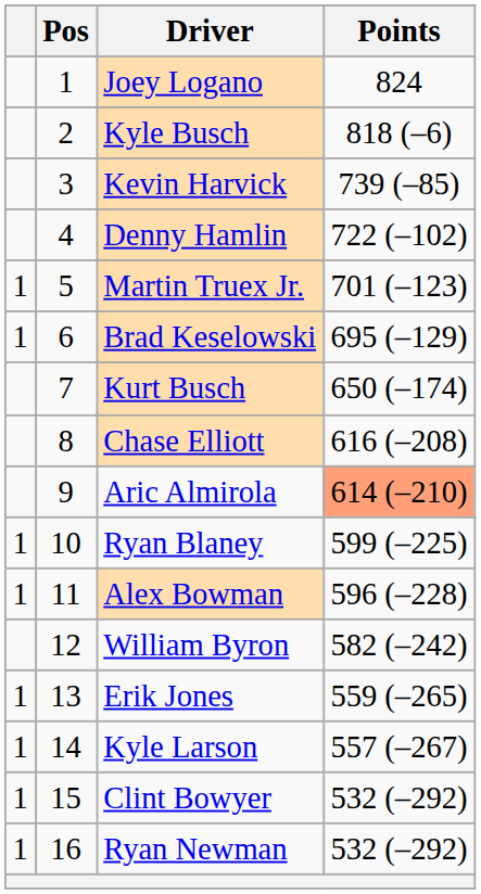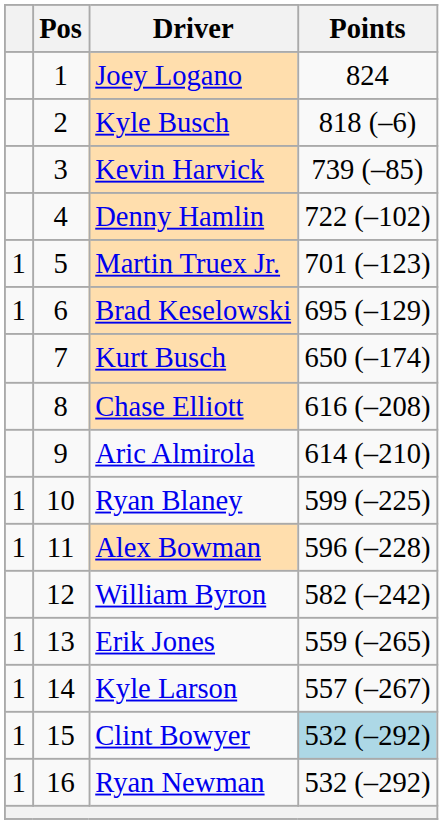 <table class="wikitable" style="font-size: 95%;">
 <tr>
 <th></th>
 <th>Pos</th>
 <th>Driver</th>
 <th>Points</th>
 </tr>
 <tr>
 <td align="left"></td>
 <td style="text-align:center;">1</td>
 <td style="background:#FFDEAD;"><a href='#'>Joey Logano</a></td>
 <td style="text-align:center;">824</td>
 </tr>
 <tr>
 <td align="left"></td>
 <td style="text-align:center;">2</td>
 <td style="background:#FFDEAD;"><a href='#'>Kyle Busch</a></td>
 <td style="text-align:center;">818 (–6)</td>
 </tr>
 <tr>
 <td align="left"></td>
 <td style="text-align:center;">3</td>
 <td style="background:#FFDEAD;"><a href='#'>Kevin Harvick</a></td>
 <td style="text-align:center;">739 (–85)</td>
 </tr>
 <tr>
 <td align="left"></td>
 <td style="text-align:center;">4</td>
 <td style="background:#FFDEAD;"><a href='#'>Denny Hamlin</a></td>
 <td style="text-align:center;">722 (–102)</td>
 </tr>
 <tr>
 <td align="left"> 1</td>
 <td style="text-align:center;">5</td>
 <td style="background:#FFDEAD;"><a href='#'>Martin Truex Jr.</a></td>
 <td style="text-align:center;">701 (–123)</td>
 </tr>
 <tr>
 <td align="left"> 1</td>
 <td style="text-align:center;">6</td>
 <td style="background:#FFDEAD;"><a href='#'>Brad Keselowski</a></td>
 <td style="text-align:center;">695 (–129)</td>
 </tr>
 <tr>
 <td align="left"></td>
 <td style="text-align:center;">7</td>
 <td style="background:#FFDEAD;"><a href='#'>Kurt Busch</a></td>
 <td style="text-align:center;">650 (–174)</td>
 </tr>
 <tr>
 <td align="left"></td>
 <td style="text-align:center;">8</td>
 <td style="background:#FFDEAD;"><a href='#'>Chase Elliott</a></td>
 <td style="text-align:center;">616 (–208)</td>
 </tr>
 <tr>
 <td align="left"></td>
 <td style="text-align:center;">9</td>
 <td><a href='#'>Aric Almirola</a></td>
-<td style="background: lightsalmon; text-align:center;">614 (–210)</td>
+<td style="text-align:center;">614 (–210)</td>
 </tr>
 <tr>
 <td align="left"> 1</td>
 <td style="text-align:center;">10</td>
 <td><a href='#'>Ryan Blaney</a></td>
 <td style="text-align:center;">599 (–225)</td>
 </tr>
 <tr>
 <td align="left"> 1</td>
 <td style="text-align:center;">11</td>
 <td style="background:#FFDEAD;"><a href='#'>Alex Bowman</a></td>
 <td style="text-align:center;">596 (–228)</td>
 </tr>
 <tr>
 <td align="left"></td>
 <td style="text-align:center;">12</td>
 <td><a href='#'>William Byron</a></td>
 <td style="text-align:center;">582 (–242)</td>
 </tr>
 <tr>
 <td align="left"> 1</td>
 <td style="text-align:center;">13</td>
 <td><a href='#'>Erik Jones</a></td>
 <td style="text-align:center;">559 (–265)</td>
 </tr>
 <tr>
 <td align="left"> 1</td>
 <td style="text-align:center;">14</td>
 <td><a href='#'>Kyle Larson</a></td>
 <td style="text-align:center;">557 (–267)</td>
 </tr>
 <tr>
 <td align="left"> 1</td>
 <td style="text-align:center;">15</td>
 <td><a href='#'>Clint Bowyer</a></td>
-<td style="text-align:center;">532 (–292)</td>
+<td style="background: lightblue; text-align:center;">532 (–292)</td>
 </tr>
 <tr>
 <td align="left"> 1</td>
 <td style="text-align:center;">16</td>
 <td><a href='#'>Ryan Newman</a></td>
 <td style="text-align:center;">532 (–292)</td>
 </tr>
 <tr class="sortbottom">
 <th colspan="9"></th>
 </tr>
 </table>
